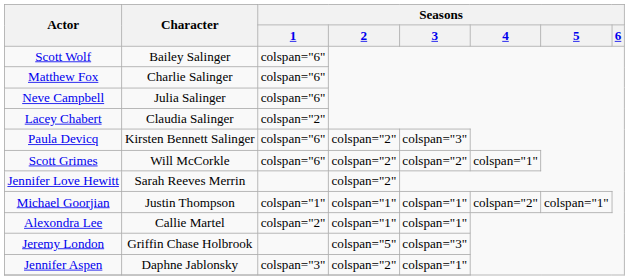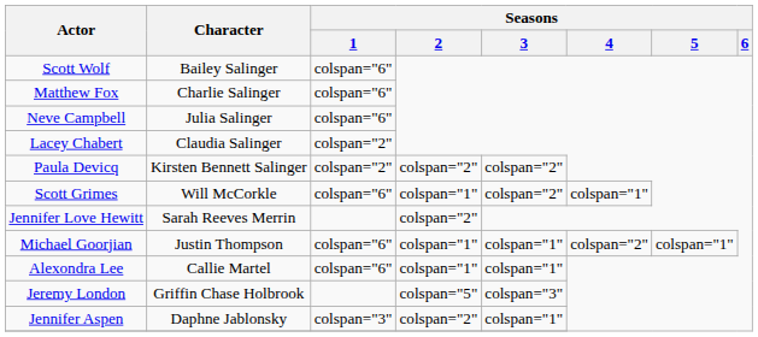 <table class="wikitable sortable" style="text-align:center">
 <tr>
 <th rowspan="2">Actor</th>
 <th rowspan="2">Character</th>
 <th colspan="6">Seasons</th>
 </tr>
 <tr>
 <th><a href='#'>1</a></th>
 <th><a href='#'>2</a></th>
 <th><a href='#'>3</a></th>
 <th><a href='#'>4</a></th>
 <th><a href='#'>5</a></th>
 <th><a href='#'>6</a></th>
 </tr>
 <tr>
 <td><a href='#'>Scott Wolf</a></td>
 <td>Bailey Salinger</td>
 <td>colspan="6" </td>
 </tr>
 <tr>
 <td><a href='#'>Matthew Fox</a></td>
 <td>Charlie Salinger</td>
 <td>colspan="6" </td>
 </tr>
 <tr>
 <td><a href='#'>Neve Campbell</a></td>
 <td>Julia Salinger</td>
 <td>colspan="6" </td>
 </tr>
 <tr>
 <td><a href='#'>Lacey Chabert</a></td>
 <td>Claudia Salinger</td>
 <td>colspan="2" </td>
 </tr>
 <tr>
 <td><a href='#'>Paula Devicq</a></td>
 <td>Kirsten Bennett Salinger</td>
-<td>colspan="6" </td>
 <td>colspan="2" </td>
-<td>colspan="3" </td>
+<td>colspan="2" </td>
+<td>colspan="2" </td>
 </tr>
 <tr>
 <td><a href='#'>Scott Grimes</a></td>
 <td>Will McCorkle</td>
 <td>colspan="6" </td>
-<td>colspan="2" </td>
+<td>colspan="1" </td>
 <td>colspan="2" </td>
 <td>colspan="1" </td>
 </tr>
 <tr>
 <td><a href='#'>Jennifer Love Hewitt</a></td>
 <td>Sarah Reeves Merrin</td>
 <td></td>
 <td>colspan="2" </td>
 </tr>
 <tr>
 <td><a href='#'>Michael Goorjian</a></td>
 <td>Justin Thompson</td>
-<td>colspan="1" </td>
+<td>colspan="6" </td>
 <td>colspan="1" </td>
 <td>colspan="1" </td>
 <td>colspan="2" </td>
 <td>colspan="1" </td>
 </tr>
 <tr>
 <td><a href='#'>Alexondra Lee</a></td>
 <td>Callie Martel</td>
-<td>colspan="2" </td>
+<td>colspan="6" </td>
 <td>colspan="1" </td>
 <td>colspan="1" </td>
 </tr>
 <tr>
 <td><a href='#'>Jeremy London</a></td>
 <td>Griffin Chase Holbrook</td>
 <td></td>
 <td>colspan="5" </td>
 <td>colspan="3" </td>
 </tr>
 <tr>
 <td><a href='#'>Jennifer Aspen</a></td>
 <td>Daphne Jablonsky</td>
 <td>colspan="3" </td>
 <td>colspan="2" </td>
 <td>colspan="1" </td>
 </tr>
 <tr>
 </tr>
 </table>
